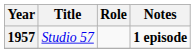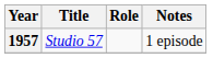 <table class="wikitable plainrowheaders sortable">
 <tr>
 <th scope="col">Year</th>
 <th scope="col">Title</th>
 <th scope="col">Role</th>
 <th scope="col" class="unsortable">Notes</th>
 </tr>
 <tr>
 <th scope="row">1957</th>
 <td><em><a href='#'>Studio 57</a></em></td>
 <td></td>
-<td><strong>1 episode</strong></td>
+<td>1 episode</td>
 </tr>
 <tr>
 </tr>
 </table>
